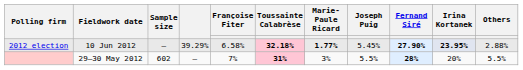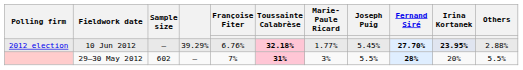 <table class="wikitable sortable" style="text-align:center;font-size:90%;line-height:14px;">
 <tr style="height:40px;">
 <th style="width:100px;" rowspan="2">Polling firm</th>
 <th style="width:110px;" rowspan="2">Fieldwork date</th>
 <th style="width:35px;" rowspan="2">Sample<br>size</th>
 <th style="width:30px;" rowspan="2"></th>
 <th class="unsortable" style="width:60px;">Françoise Fiter<br></th>
 <th class="unsortable" style="width:60px;">Toussainte Calabrèse<br></th>
 <th class="unsortable" style="width:60px;">Marie-Paule Ricard<br></th>
 <th class="unsortable" style="width:60px;">Joseph Puig<br></th>
 <th class="unsortable" style="width:60px;"><a href='#'>Fernand Siré</a><br></th>
 <th class="unsortable" style="width:60px;">Irina Kortanek<br></th>
 <th class="unsortable" style="width:60px;">Others</th>
 </tr>
 <tr>
 <th style="background:"></th>
 <th style="background:"></th>
 <th style="background:"></th>
 <th style="background:"></th>
 <th style="background:"></th>
 <th style="background:"></th>
 <th style="background:"></th>
 </tr>
 <tr style="background:#E9E9E9;">
 <td><a href='#'>2012 election</a></td>
 <td data-sort-value="2012-06-10">10 Jun 2012</td>
 <td>–</td>
 <td>39.29%</td>
-<td>6.58%</td>
+<td>6.76%</td>
 <td style="background:#FFC6D5;"><strong>32.18%</strong></td>
-<td><strong>1.77%</strong></td>
+<td>1.77%</td>
 <td>5.45%</td>
-<td style="background:#DFEEFF;"><strong>27.90%</strong></td>
+<td style="background:#DFEEFF;"><strong>27.70%</strong></td>
 <td style="background:#E0E5F0;"><strong>23.95%</strong></td>
 <td>2.88%</td>
 </tr>
 <tr>
 <td style="background:#FFCCCC;"></td>
 <td data-sort-value="2012-05-30">29–30 May 2012</td>
 <td>602</td>
 <td>–</td>
 <td>7%</td>
 <td style="background:#FFC6D5;"><strong>31%</strong></td>
 <td>3%</td>
 <td>5.5%</td>
 <td style="background:#DFEEFF;"><strong>28%</strong></td>
 <td>20%</td>
 <td>5.5%</td>
 </tr>
 </table>
